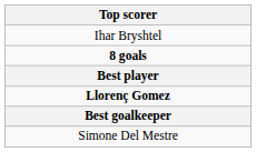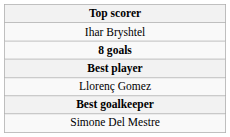 <table class="wikitable" style="margin: 1em auto 1em auto;">
 <tr>
 <th width=300>Top scorer</th>
 </tr>
 <tr align=center style="background:">
 <td style="text-align:center;"> Ihar Bryshtel</td>
 </tr>
 <tr>
 <td style="text-align:center;"><strong>8 goals</strong></td>
 </tr>
 <tr>
 <th>Best player</th>
 </tr>
 <tr>
-<td style="text-align:center;"><strong> Llorenç Gomez</strong></td>
+<td style="text-align:center;"> Llorenç Gomez</td>
 </tr>
 <tr>
 <th>Best goalkeeper</th>
 </tr>
 <tr>
 <td style="text-align:center;"> Simone Del Mestre</td>
 </tr>
 </table>
